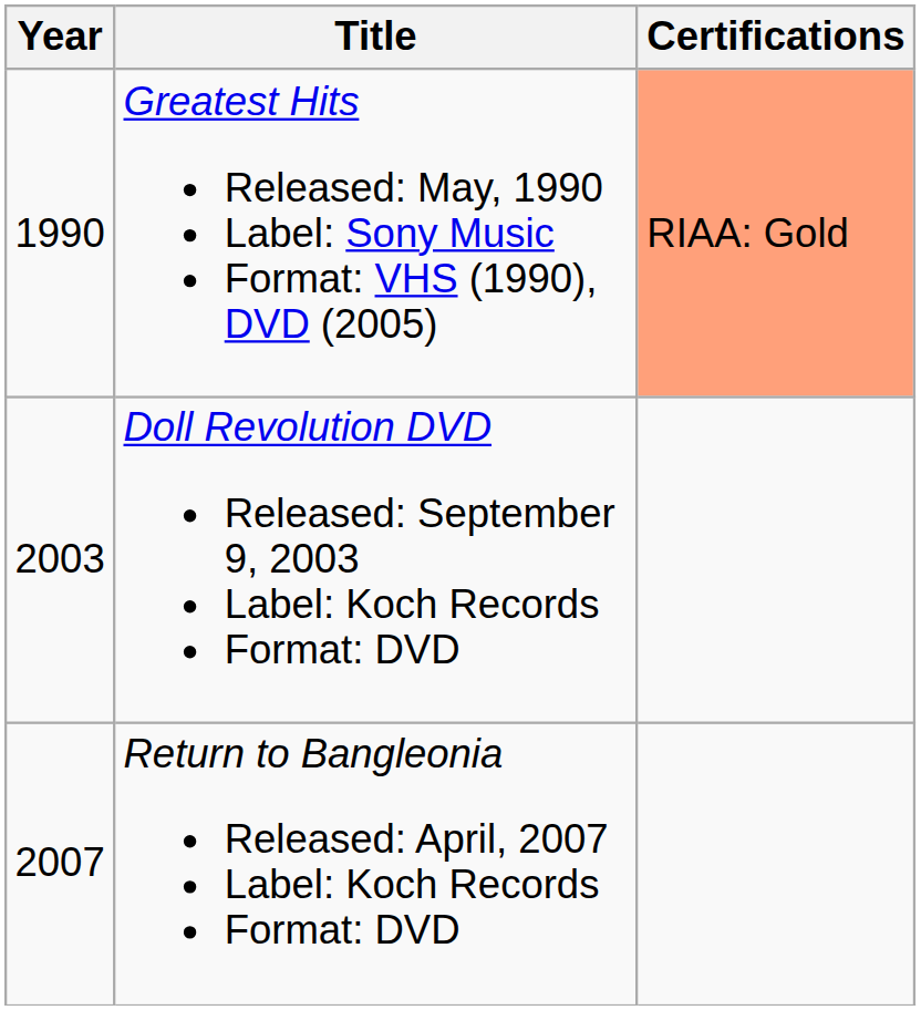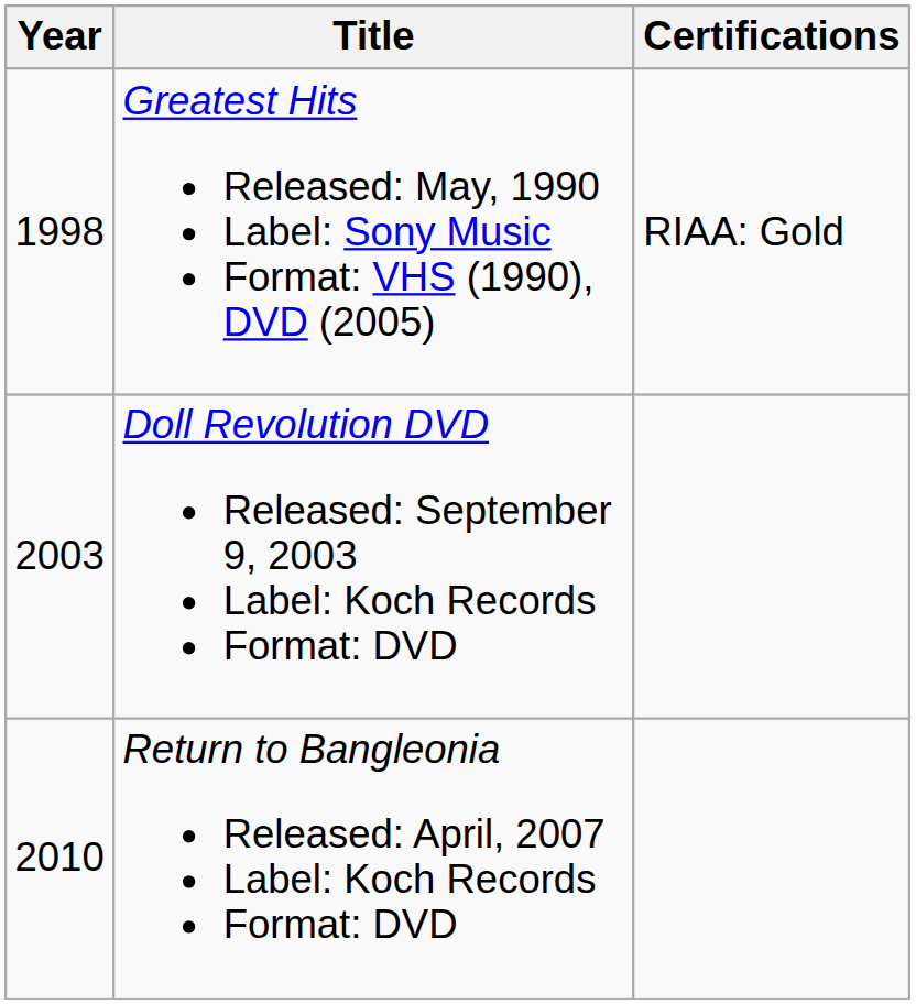 <table class="wikitable">
 <tr>
 <th width="33">Year</th>
 <th width="200">Title</th>
 <th width="50">Certifications</th>
 </tr>
 <tr>
-<td align="center">1990</td>
+<td align="center">1998</td>
 <td><em><a href='#'>Greatest Hits</a></em><br><ul><li>Released: May, 1990</li><li>Label: <a href='#'>Sony Music</a></li><li>Format: <a href='#'>VHS</a> (1990), <a href='#'>DVD</a> (2005)</li></ul></td>
-<td style="background: lightsalmon;">RIAA: Gold</td>
+<td>RIAA: Gold</td>
 </tr>
 <tr>
 <td align="center">2003</td>
 <td><em><a href='#'>Doll Revolution DVD</a></em><br><ul><li>Released: September 9, 2003</li><li>Label: Koch Records</li><li>Format: DVD</li></ul></td>
 <td></td>
 </tr>
 <tr>
-<td align="center">2007</td>
+<td align="center">2010</td>
 <td><em>Return to Bangleonia</em><br><ul><li>Released: April, 2007</li><li>Label: Koch Records</li><li>Format: DVD</li></ul></td>
 <td></td>
 </tr>
 </table>
